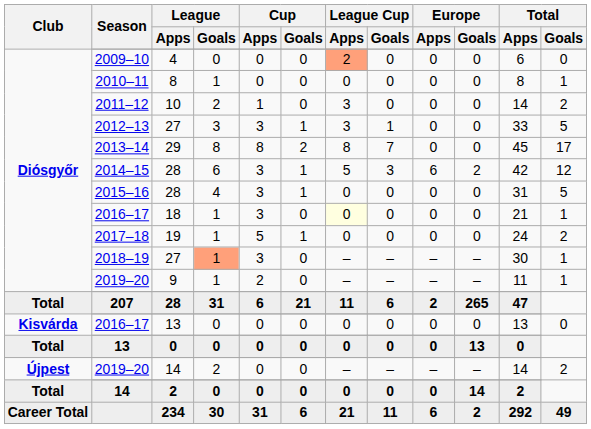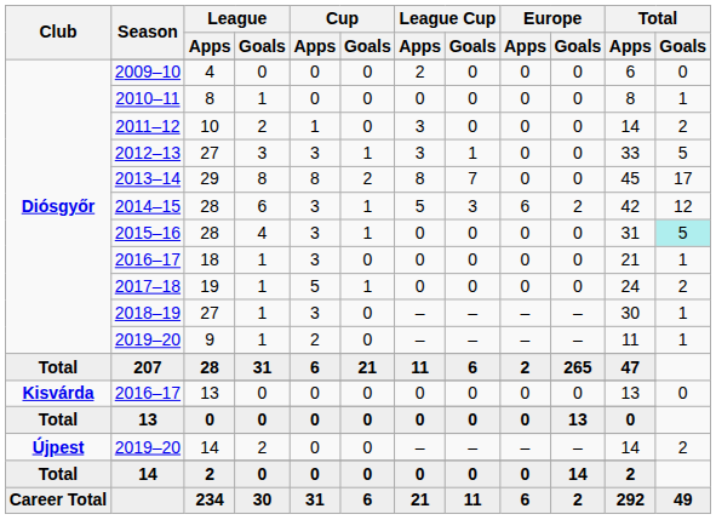 <table class="wikitable" style="font-size:90%; text-align: center;">
 <tr>
 <th rowspan="2">Club</th>
 <th rowspan="2">Season</th>
 <th colspan="2">League</th>
 <th colspan="2">Cup</th>
 <th colspan="2">League Cup</th>
 <th colspan="2">Europe</th>
 <th colspan="2">Total</th>
 </tr>
 <tr>
 <th>Apps</th>
 <th>Goals</th>
 <th>Apps</th>
 <th>Goals</th>
 <th>Apps</th>
 <th>Goals</th>
 <th>Apps</th>
 <th>Goals</th>
 <th>Apps</th>
 <th>Goals</th>
 </tr>
 <tr ||-||-||-|->
 <td rowspan="13" valign="center"><strong><a href='#'>Diósgyőr</a></strong></td>
 </tr>
 <tr>
 <td><a href='#'>2009–10</a></td>
 <td>4</td>
 <td>0</td>
 <td>0</td>
 <td>0</td>
-<td style="background: lightsalmon;">2</td>
+<td>2</td>
 <td>0</td>
 <td>0</td>
 <td>0</td>
 <td>6</td>
 <td>0</td>
 </tr>
 <tr>
 <td><a href='#'>2010–11</a></td>
 <td>8</td>
 <td>1</td>
 <td>0</td>
 <td>0</td>
 <td>0</td>
 <td>0</td>
 <td>0</td>
 <td>0</td>
 <td>8</td>
 <td>1</td>
 </tr>
 <tr>
 <td><a href='#'>2011–12</a></td>
 <td>10</td>
 <td>2</td>
 <td>1</td>
 <td>0</td>
 <td>3</td>
 <td>0</td>
 <td>0</td>
 <td>0</td>
 <td>14</td>
 <td>2</td>
 </tr>
 <tr>
 <td><a href='#'>2012–13</a></td>
 <td>27</td>
 <td>3</td>
 <td>3</td>
 <td>1</td>
 <td>3</td>
 <td>1</td>
 <td>0</td>
 <td>0</td>
 <td>33</td>
 <td>5</td>
 </tr>
 <tr>
 <td><a href='#'>2013–14</a></td>
 <td>29</td>
 <td>8</td>
 <td>8</td>
 <td>2</td>
 <td>8</td>
 <td>7</td>
 <td>0</td>
 <td>0</td>
 <td>45</td>
 <td>17</td>
 </tr>
 <tr>
 <td><a href='#'>2014–15</a></td>
 <td>28</td>
 <td>6</td>
 <td>3</td>
 <td>1</td>
 <td>5</td>
 <td>3</td>
 <td>6</td>
 <td>2</td>
 <td>42</td>
 <td>12</td>
 </tr>
 <tr>
 <td><a href='#'>2015–16</a></td>
 <td>28</td>
 <td>4</td>
 <td>3</td>
 <td>1</td>
 <td>0</td>
 <td>0</td>
 <td>0</td>
 <td>0</td>
 <td>31</td>
-<td>5</td>
+<td style="background: paleturquoise;">5</td>
 </tr>
 <tr>
 <td><a href='#'>2016–17</a></td>
 <td>18</td>
 <td>1</td>
 <td>3</td>
 <td>0</td>
-<td style="background: lightyellow;">0</td>
+<td>0</td>
 <td>0</td>
 <td>0</td>
 <td>0</td>
 <td>21</td>
 <td>1</td>
 </tr>
 <tr>
 <td><a href='#'>2017–18</a></td>
 <td>19</td>
 <td>1</td>
 <td>5</td>
 <td>1</td>
 <td>0</td>
 <td>0</td>
 <td>0</td>
 <td>0</td>
 <td>24</td>
 <td>2</td>
 </tr>
 <tr>
 <td><a href='#'>2018–19</a></td>
 <td>27</td>
-<td style="background: lightsalmon;">1</td>
+<td>1</td>
 <td>3</td>
 <td>0</td>
 <td>–</td>
 <td>–</td>
 <td>–</td>
 <td>–</td>
 <td>30</td>
 <td>1</td>
 </tr>
 <tr>
 <td><a href='#'>2019–20</a></td>
 <td>9</td>
 <td>1</td>
 <td>2</td>
 <td>0</td>
 <td>–</td>
 <td>–</td>
 <td>–</td>
 <td>–</td>
 <td>11</td>
 <td>1</td>
 </tr>
 <tr>
 </tr>
 <tr style="font-weight:bold; background-color:#eeeeee;">
 <td>Total</td>
 <td>207</td>
 <td>28</td>
 <td>31</td>
 <td>6</td>
 <td>21</td>
 <td>11</td>
 <td>6</td>
 <td>2</td>
 <td>265</td>
 <td>47</td>
 </tr>
 <tr>
 <td rowspan="3" valign="center"><strong><a href='#'>Kisvárda</a></strong></td>
 </tr>
 <tr>
 <td><a href='#'>2016–17</a></td>
 <td>13</td>
 <td>0</td>
 <td>0</td>
 <td>0</td>
 <td>0</td>
 <td>0</td>
 <td>0</td>
 <td>0</td>
 <td>13</td>
 <td>0</td>
 </tr>
 <tr>
 </tr>
 <tr style="font-weight:bold; background-color:#eeeeee;">
 <td>Total</td>
 <td>13</td>
 <td>0</td>
 <td>0</td>
 <td>0</td>
 <td>0</td>
 <td>0</td>
 <td>0</td>
 <td>0</td>
 <td>13</td>
 <td>0</td>
 </tr>
 <tr>
 <td rowspan="3" valign="center"><strong><a href='#'>Újpest</a></strong></td>
 </tr>
 <tr>
 <td><a href='#'>2019–20</a></td>
 <td>14</td>
 <td>2</td>
 <td>0</td>
 <td>0</td>
 <td>–</td>
 <td>–</td>
 <td>–</td>
 <td>–</td>
 <td>14</td>
 <td>2</td>
 </tr>
 <tr>
 </tr>
 <tr style="font-weight:bold; background-color:#eeeeee;">
 <td>Total</td>
 <td>14</td>
 <td>2</td>
 <td>0</td>
 <td>0</td>
 <td>0</td>
 <td>0</td>
 <td>0</td>
 <td>0</td>
 <td>14</td>
 <td>2</td>
 </tr>
 <tr style="font-weight:bold; background-color:#eeeeee;">
 <td rowspan="1" valign="top"><strong>Career Total</strong></td>
 <td></td>
 <td><strong>234</strong></td>
 <td><strong>30</strong></td>
 <td><strong>31</strong></td>
 <td><strong>6</strong></td>
 <td><strong>21</strong></td>
 <td><strong>11</strong></td>
 <td><strong>6</strong></td>
 <td><strong>2</strong></td>
 <td><strong>292</strong></td>
 <td><strong>49</strong></td>
 </tr>
 </table>
